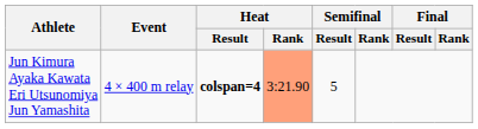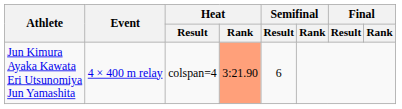 <table class="wikitable" style="font-size:90%">
 <tr>
 <th rowspan="2">Athlete</th>
 <th rowspan="2">Event</th>
 <th colspan="2">Heat</th>
 <th colspan="2">Semifinal</th>
 <th colspan="2">Final</th>
 </tr>
 <tr style="font-size:95%">
 <th>Result</th>
 <th>Rank</th>
 <th>Result</th>
 <th>Rank</th>
 <th>Result</th>
 <th>Rank</th>
 </tr>
 <tr style="text-align:center">
 <td style="text-align:left"><a href='#'>Jun Kimura</a><br><a href='#'>Ayaka Kawata</a><br><a href='#'>Eri Utsunomiya</a><br><a href='#'>Jun Yamashita</a></td>
 <td style="text-align:left"><a href='#'>4 × 400 m relay</a></td>
-<td><strong>colspan=4 </strong></td>
+<td>colspan=4 </td>
 <td style="background: lightsalmon;">3:21.90</td>
-<td>5</td>
+<td>6</td>
 </tr>
 </table>
